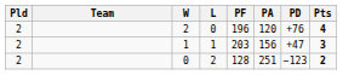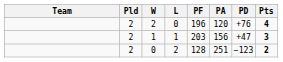 <table class=wikitable style="text-align:center">
 <tr>
+<th width=180>Team</th>
 <th width=30>Pld</th>
-<th width=180>Team</th>
 <th width=30>W</th>
 <th width=30>L</th>
 <th width=30>PF</th>
 <th width=30>PA</th>
 <th width=30>PD</th>
 <th width=30>Pts</th>
 </tr>
 <tr>
+<td align="left"></td>
 <td>2</td>
-<td align="left"></td>
 <td>2</td>
 <td>0</td>
 <td>196</td>
 <td>120</td>
 <td>+76</td>
 <td><strong>4</strong></td>
 </tr>
 <tr>
+<td align="left"></td>
 <td>2</td>
-<td align="left"></td>
 <td>1</td>
 <td>1</td>
 <td>203</td>
 <td>156</td>
 <td>+47</td>
 <td><strong>3</strong></td>
 </tr>
 <tr>
+<td align="left"></td>
 <td>2</td>
-<td align="left"></td>
 <td>0</td>
 <td>2</td>
 <td>128</td>
 <td>251</td>
 <td>−123</td>
 <td><strong>2</strong></td>
 </tr>
 </table>
